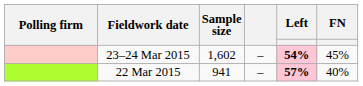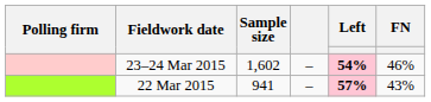 <table class="wikitable sortable" style="text-align:center;font-size:90%;line-height:14px;">
 <tr style="height:40px;">
 <th style="width:100px;" rowspan="2">Polling firm</th>
 <th style="width:110px;" rowspan="2">Fieldwork date</th>
 <th style="width:35px;" rowspan="2">Sample<br>size</th>
 <th style="width:30px;" rowspan="2"></th>
 <th class="unsortable" style="width:40px;">Left</th>
 <th class="unsortable" style="width:40px;">FN</th>
 </tr>
 <tr>
 <th style="background:"></th>
 <th style="background:"></th>
 </tr>
 <tr>
 <td style="background:#FFCCCC;"></td>
 <td data-sort-value="2015-03-24">23–24 Mar 2015</td>
 <td>1,602</td>
 <td>–</td>
 <td style="background:#FFC6D5;"><strong>54%</strong></td>
-<td>45%</td>
+<td>46%</td>
 </tr>
 <tr>
 <td style="background:GreenYellow;"></td>
 <td data-sort-value="2015-03-22">22 Mar 2015</td>
 <td>941</td>
 <td>–</td>
 <td style="background:#FFC6D5;"><strong>57%</strong></td>
-<td>40%</td>
+<td>43%</td>
 </tr>
 </table>
